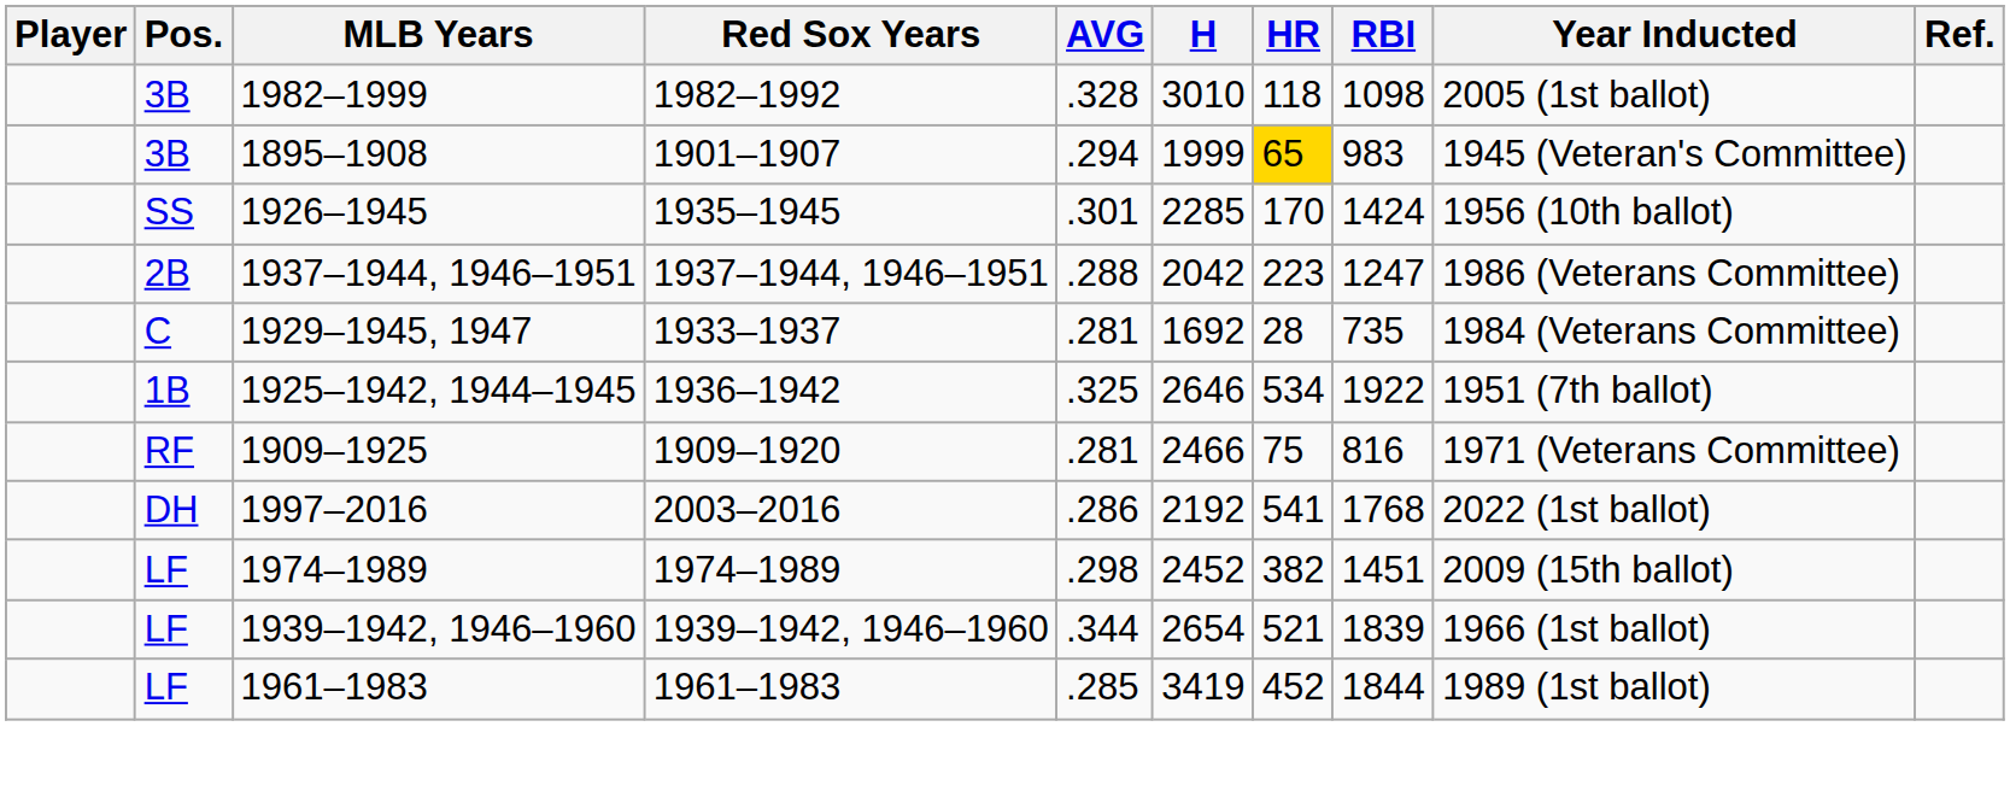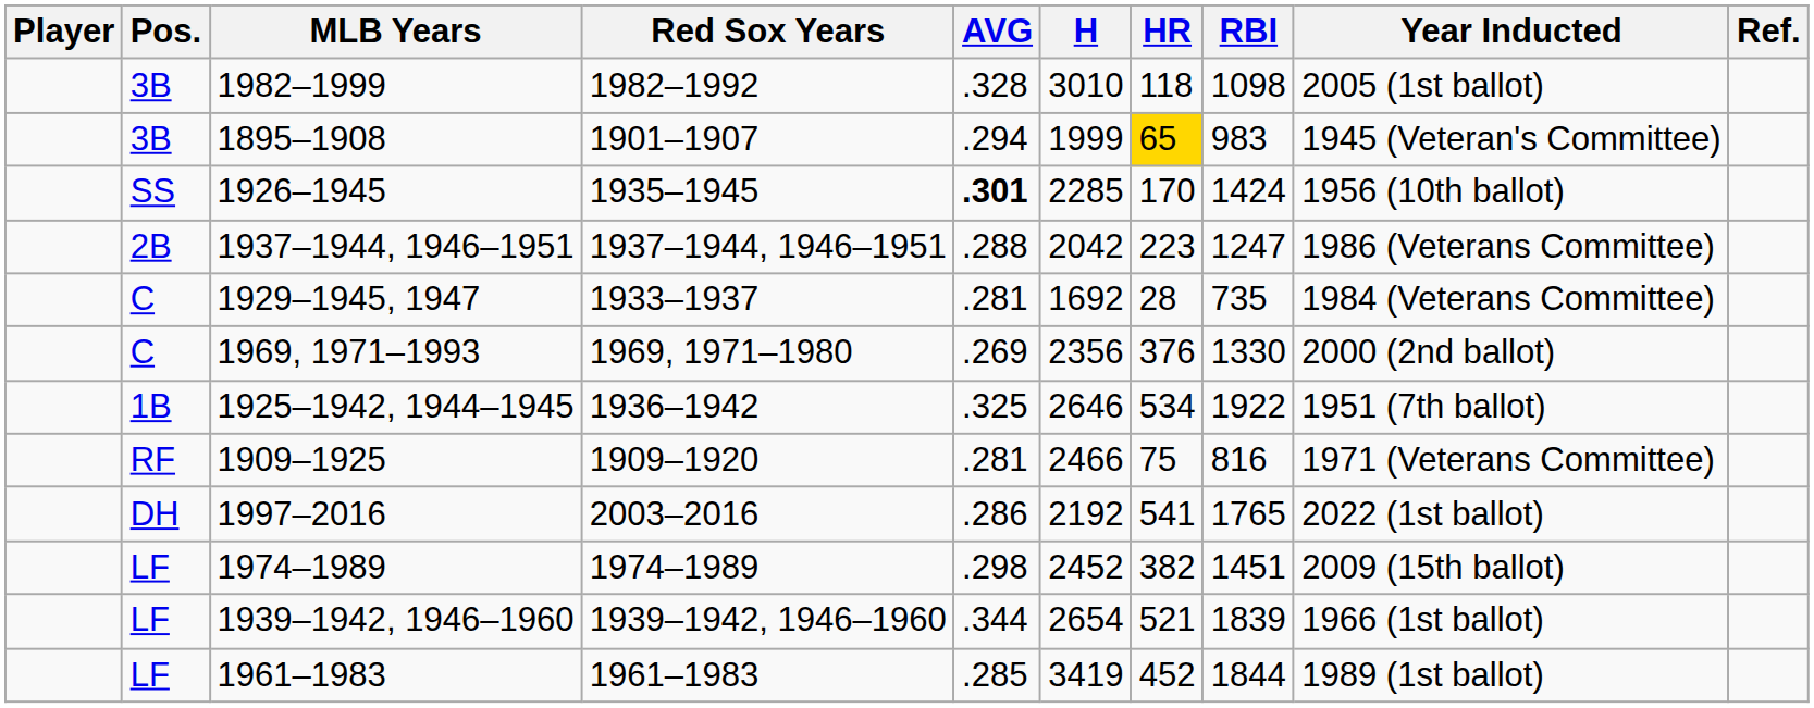 <table class="wikitable sortable">
 <tr>
 <th>Player</th>
 <th>Pos.</th>
 <th>MLB Years</th>
 <th>Red Sox Years</th>
 <th><a href='#'><span>AVG</span></a></th>
 <th><a href='#'><span>H</span></a></th>
 <th><a href='#'><span>HR</span></a></th>
 <th><a href='#'><span>RBI</span></a></th>
 <th>Year Inducted</th>
 <th class="unsortable">Ref.</th>
 </tr>
 <tr>
 <td><strong></strong></td>
 <td><a href='#'>3B</a></td>
 <td>1982–1999</td>
 <td>1982–1992</td>
 <td>.328</td>
 <td>3010</td>
 <td>118</td>
 <td>1098</td>
 <td>2005 (1st ballot)</td>
 <td></td>
 </tr>
 <tr>
 <td><strong></strong></td>
 <td><a href='#'>3B</a></td>
 <td>1895–1908</td>
 <td>1901–1907</td>
 <td>.294</td>
 <td>1999</td>
 <td style="background: gold;">65</td>
 <td>983</td>
 <td>1945 (Veteran's Committee)</td>
 <td></td>
 </tr>
 <tr>
 <td><strong></strong></td>
 <td><a href='#'>SS</a></td>
 <td>1926–1945</td>
 <td>1935–1945</td>
-<td>.301</td>
+<td><strong>.301</strong></td>
 <td>2285</td>
 <td>170</td>
 <td>1424</td>
 <td>1956 (10th ballot)</td>
 <td></td>
 </tr>
 <tr>
 <td><strong></strong></td>
 <td><a href='#'>2B</a></td>
 <td>1937–1944, 1946–1951</td>
 <td>1937–1944, 1946–1951</td>
 <td>.288</td>
 <td>2042</td>
 <td>223</td>
 <td>1247</td>
 <td>1986 (Veterans Committee)</td>
 <td></td>
 </tr>
 <tr>
 <td><strong></strong></td>
 <td><a href='#'>C</a></td>
 <td>1929–1945, 1947</td>
 <td>1933–1937</td>
 <td>.281</td>
 <td>1692</td>
 <td>28</td>
 <td>735</td>
 <td>1984 (Veterans Committee)</td>
+<td></td>
+</tr>
+<tr>
+<td></td>
+<td><a href='#'>C</a></td>
+<td>1969, 1971–1993</td>
+<td>1969, 1971–1980</td>
+<td>.269</td>
+<td>2356</td>
+<td>376</td>
+<td>1330</td>
+<td>2000 (2nd ballot)</td>
 <td></td>
 </tr>
 <tr>
 <td></td>
 <td><a href='#'>1B</a></td>
 <td>1925–1942, 1944–1945</td>
 <td>1936–1942</td>
 <td>.325</td>
 <td>2646</td>
 <td>534</td>
 <td>1922</td>
 <td>1951 (7th ballot)</td>
 <td></td>
 </tr>
 <tr>
 <td><strong></strong></td>
 <td><a href='#'>RF</a></td>
 <td>1909–1925</td>
 <td>1909–1920</td>
 <td>.281</td>
 <td>2466</td>
 <td>75</td>
 <td>816</td>
 <td>1971 (Veterans Committee)</td>
 <td></td>
 </tr>
 <tr>
 <td><strong></strong></td>
 <td><a href='#'>DH</a></td>
 <td>1997–2016</td>
 <td>2003–2016</td>
 <td>.286</td>
 <td>2192</td>
 <td>541</td>
-<td>1768</td>
+<td>1765</td>
 <td>2022 (1st ballot)</td>
 <td></td>
 </tr>
 <tr>
 <td><strong></strong></td>
 <td><a href='#'>LF</a></td>
 <td>1974–1989</td>
 <td>1974–1989</td>
 <td>.298</td>
 <td>2452</td>
 <td>382</td>
 <td>1451</td>
 <td>2009 (15th ballot)</td>
 <td></td>
 </tr>
 <tr>
 <td><strong></strong></td>
 <td><a href='#'>LF</a></td>
 <td>1939–1942, 1946–1960</td>
 <td>1939–1942, 1946–1960</td>
 <td>.344</td>
 <td>2654</td>
 <td>521</td>
 <td>1839</td>
 <td>1966 (1st ballot)</td>
 <td></td>
 </tr>
 <tr>
 <td><strong></strong></td>
 <td><a href='#'>LF</a></td>
 <td>1961–1983</td>
 <td>1961–1983</td>
 <td>.285</td>
 <td>3419</td>
 <td>452</td>
 <td>1844</td>
 <td>1989 (1st ballot)</td>
 <td></td>
 </tr>
 </table>
